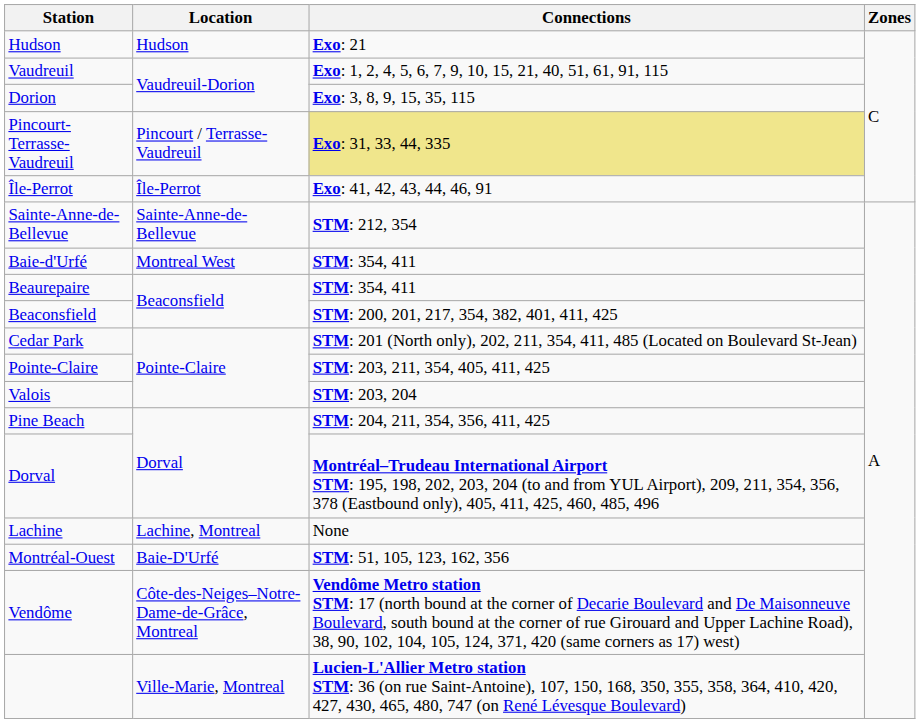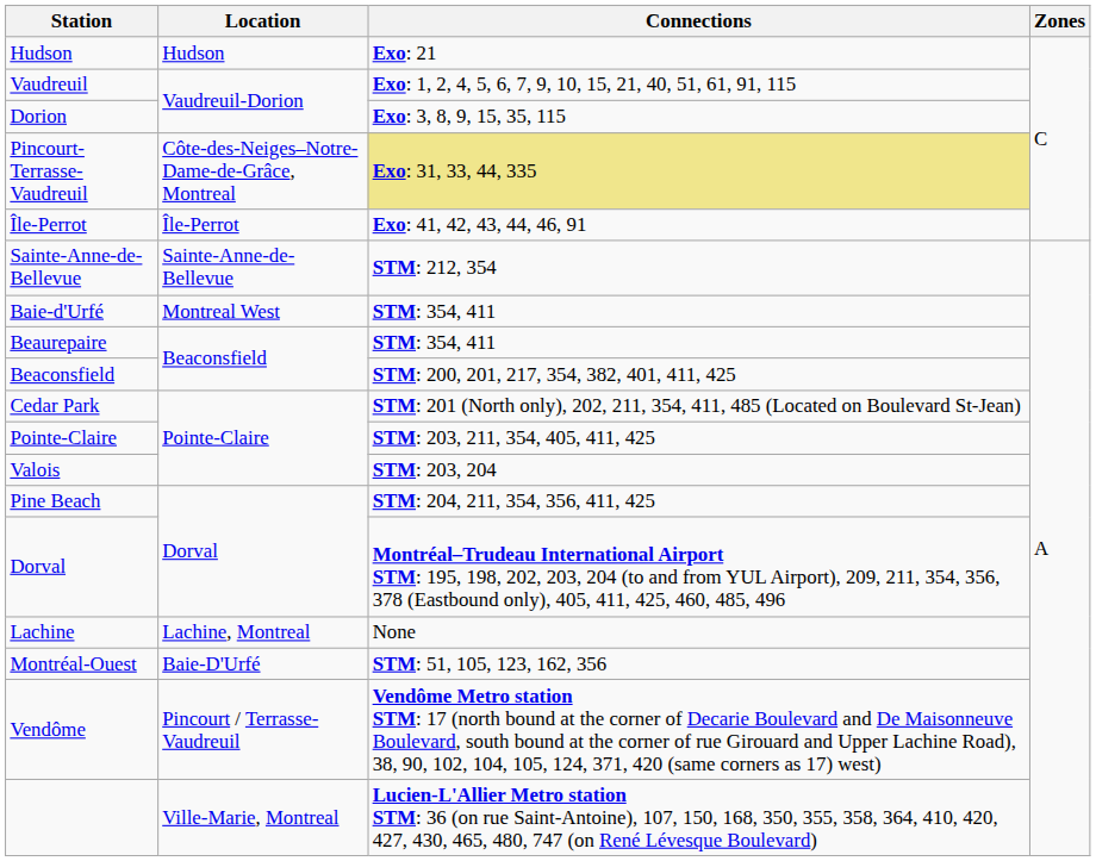 <table class="wikitable">
 <tr>
 <th>Station</th>
 <th>Location</th>
 <th>Connections</th>
 <th>Zones</th>
 </tr>
 <tr>
 <td><a href='#'>Hudson</a></td>
 <td><a href='#'>Hudson</a></td>
 <td> <strong><a href='#'>Exo</a></strong>: 21</td>
 <td rowspan="5">C</td>
 </tr>
 <tr>
 <td><a href='#'>Vaudreuil</a></td>
 <td rowspan=2><a href='#'>Vaudreuil-Dorion</a></td>
 <td> <strong><a href='#'>Exo</a></strong>: 1, 2, 4, 5, 6, 7, 9, 10, 15, 21, 40, 51, 61, 91, 115</td>
 </tr>
 <tr>
 <td><a href='#'>Dorion</a></td>
 <td> <strong><a href='#'>Exo</a></strong>: 3, 8, 9, 15, 35, 115</td>
 </tr>
 <tr>
 <td><a href='#'>Pincourt-Terrasse-Vaudreuil</a></td>
-<td><a href='#'>Pincourt</a> / <a href='#'>Terrasse-Vaudreuil</a></td>
+<td><a href='#'>Côte-des-Neiges–Notre-Dame-de-Grâce</a>, <a href='#'>Montreal</a></td>
 <td style="background: khaki;"> <strong><a href='#'>Exo</a></strong>: 31, 33, 44, 335</td>
 </tr>
 <tr>
 <td><a href='#'>Île-Perrot</a></td>
 <td><a href='#'>Île-Perrot</a></td>
 <td> <strong><a href='#'>Exo</a></strong>: 41, 42, 43, 44, 46, 91</td>
 </tr>
 <tr>
 <td><a href='#'>Sainte-Anne-de-Bellevue</a></td>
 <td><a href='#'>Sainte-Anne-de-Bellevue</a></td>
 <td> <strong><a href='#'>STM</a></strong>: 212, 354<br></td>
 <td rowspan="13">A</td>
 </tr>
 <tr>
 <td><a href='#'>Baie-d'Urfé</a></td>
 <td><a href='#'>Montreal West</a></td>
 <td> <strong><a href='#'>STM</a></strong>: 354, 411</td>
 </tr>
 <tr>
 <td><a href='#'>Beaurepaire</a></td>
 <td rowspan=2><a href='#'>Beaconsfield</a></td>
 <td> <strong><a href='#'>STM</a></strong>: 354, 411</td>
 </tr>
 <tr>
 <td><a href='#'>Beaconsfield</a></td>
 <td> <strong><a href='#'>STM</a></strong>: 200, 201, 217, 354, 382, 401, 411, 425</td>
 </tr>
 <tr>
 <td><a href='#'>Cedar Park</a></td>
 <td rowspan=3><a href='#'>Pointe-Claire</a></td>
 <td> <strong><a href='#'>STM</a></strong>: 201 (North only), 202, 211, 354, 411, 485 (Located on Boulevard St-Jean)</td>
 </tr>
 <tr>
 <td><a href='#'>Pointe-Claire</a></td>
 <td> <strong><a href='#'>STM</a></strong>: 203, 211, 354, 405, 411, 425</td>
 </tr>
 <tr>
 <td><a href='#'>Valois</a></td>
 <td> <strong><a href='#'>STM</a></strong>: 203, 204</td>
 </tr>
 <tr>
 <td><a href='#'>Pine Beach</a></td>
 <td rowspan=2><a href='#'>Dorval</a></td>
 <td> <strong><a href='#'>STM</a></strong>: 204, 211, 354, 356, 411, 425</td>
 </tr>
 <tr>
 <td><a href='#'>Dorval</a></td>
 <td><br><strong><a href='#'>Montréal–Trudeau International Airport</a></strong><br> <strong><a href='#'>STM</a></strong>: 195, 198, 202, 203, 204 (to and from YUL Airport), 209, 211, 354, 356, 378 (Eastbound only), 405, 411, 425, 460, 485, 496</td>
 </tr>
 <tr>
 <td><a href='#'>Lachine</a></td>
 <td><a href='#'>Lachine</a>, <a href='#'>Montreal</a></td>
 <td>None</td>
 </tr>
 <tr>
 <td><a href='#'>Montréal-Ouest</a></td>
 <td><a href='#'>Baie-D'Urfé</a></td>
 <td> <strong><a href='#'>STM</a></strong>: 51, 105, 123, 162, 356</td>
 </tr>
 <tr>
 <td><a href='#'>Vendôme</a></td>
-<td><a href='#'>Côte-des-Neiges–Notre-Dame-de-Grâce</a>, <a href='#'>Montreal</a></td>
+<td><a href='#'>Pincourt</a> / <a href='#'>Terrasse-Vaudreuil</a></td>
 <td>  <strong><a href='#'>Vendôme Metro station</a></strong><br> <strong><a href='#'>STM</a></strong>: 17 (north bound at the corner of <a href='#'>Decarie Boulevard</a> and <a href='#'>De Maisonneuve Boulevard</a>, south bound at the corner of rue Girouard and Upper Lachine Road), 38, 90, 102, 104, 105, 124, 371, 420 (same corners as 17) west)</td>
 </tr>
 <tr>
 <td></td>
 <td><a href='#'>Ville-Marie</a>, <a href='#'>Montreal</a></td>
 <td>  <strong><a href='#'>Lucien-L'Allier Metro station</a> </strong><br> <strong><a href='#'>STM</a></strong>: 36 (on rue Saint-Antoine), 107, 150, 168, 350, 355, 358, 364, 410, 420, 427, 430, 465, 480, 747 (on <a href='#'>René Lévesque Boulevard</a>)</td>
 </tr>
 </table>
